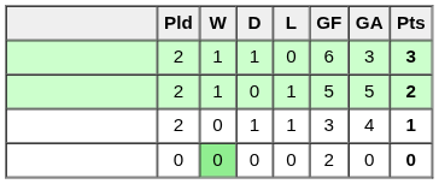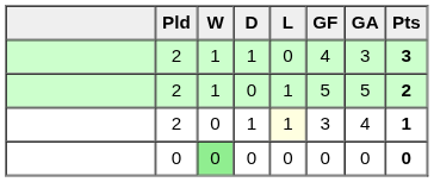 <table border=1 cellpadding=5 cellspacing=0>
 <tr>
 <th bgcolor="#efefef" width="120"></th>
 <th bgcolor="#efefef" width="20">Pld</th>
 <th bgcolor="#efefef" width="20">W</th>
 <th bgcolor="#efefef" width="20">D</th>
 <th bgcolor="#efefef" width="20">L</th>
 <th bgcolor="#efefef" width="20">GF</th>
 <th bgcolor="#efefef" width="20">GA</th>
 <th bgcolor="#efefef" width="20">Pts</th>
 </tr>
 <tr align=center bgcolor="#ccffcc">
 <td align=left></td>
 <td>2</td>
 <td>1</td>
 <td>1</td>
 <td>0</td>
-<td>6</td>
+<td>4</td>
 <td>3</td>
 <td><strong>3</strong></td>
 </tr>
 <tr align=center bgcolor="#ccffcc">
 <td align=left></td>
 <td>2</td>
 <td>1</td>
 <td>0</td>
 <td>1</td>
 <td>5</td>
 <td>5</td>
 <td><strong>2</strong></td>
 </tr>
 <tr align=center>
 <td align=left></td>
 <td>2</td>
 <td>0</td>
 <td>1</td>
-<td>1</td>
+<td style="background: lightyellow;">1</td>
 <td>3</td>
 <td>4</td>
 <td><strong>1</strong></td>
 </tr>
 <tr align=center>
 <td align=left></td>
 <td>0</td>
 <td style="background: lightgreen;">0</td>
 <td>0</td>
 <td>0</td>
-<td>2</td>
+<td>0</td>
 <td>0</td>
 <td><strong>0</strong></td>
 </tr>
 </table>
